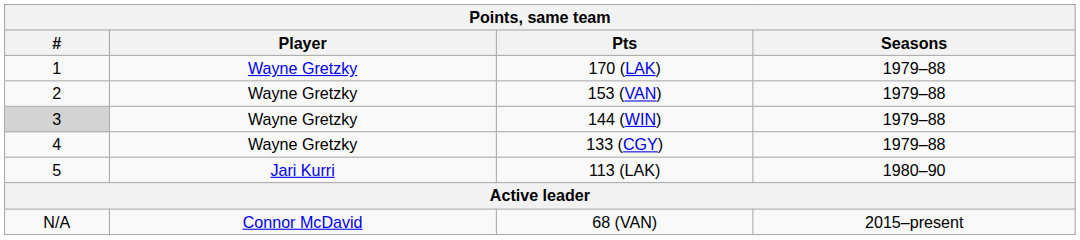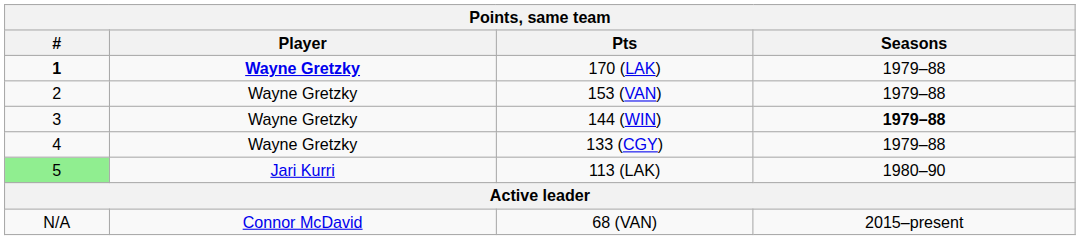 <table class="wikitable" style="text-align: center; font-size: 95%" width="80%">
 <tr>
 <th colspan="4">Points, same team</th>
 </tr>
 <tr>
 <th>#</th>
 <th>Player</th>
 <th>Pts</th>
 <th>Seasons</th>
 </tr>
 <tr>
-<td>1</td>
-<td><a href='#'>Wayne Gretzky</a></td>
+<td><strong>1</strong></td>
+<td><strong><a href='#'>Wayne Gretzky</a></strong></td>
 <td>170 (<a href='#'>LAK</a>)</td>
 <td>1979–88</td>
 </tr>
 <tr>
 <td>2</td>
 <td>Wayne Gretzky</td>
 <td>153 (<a href='#'>VAN</a>)</td>
 <td>1979–88</td>
 </tr>
 <tr>
-<td style="background: lightgrey;">3</td>
+<td>3</td>
 <td>Wayne Gretzky</td>
 <td>144 (<a href='#'>WIN</a>)</td>
-<td>1979–88</td>
+<td><strong>1979–88</strong></td>
 </tr>
 <tr>
 <td>4</td>
 <td>Wayne Gretzky</td>
 <td>133 (<a href='#'>CGY</a>)</td>
 <td>1979–88</td>
 </tr>
 <tr>
-<td>5</td>
+<td style="background: lightgreen;">5</td>
 <td><a href='#'>Jari Kurri</a></td>
 <td>113 (LAK)</td>
 <td>1980–90</td>
 </tr>
 <tr>
 <th colspan="4">Active leader</th>
 </tr>
 <tr>
 <td>N/A</td>
 <td><a href='#'>Connor McDavid</a></td>
 <td>68 (VAN)</td>
 <td>2015–present</td>
 </tr>
 </table>
